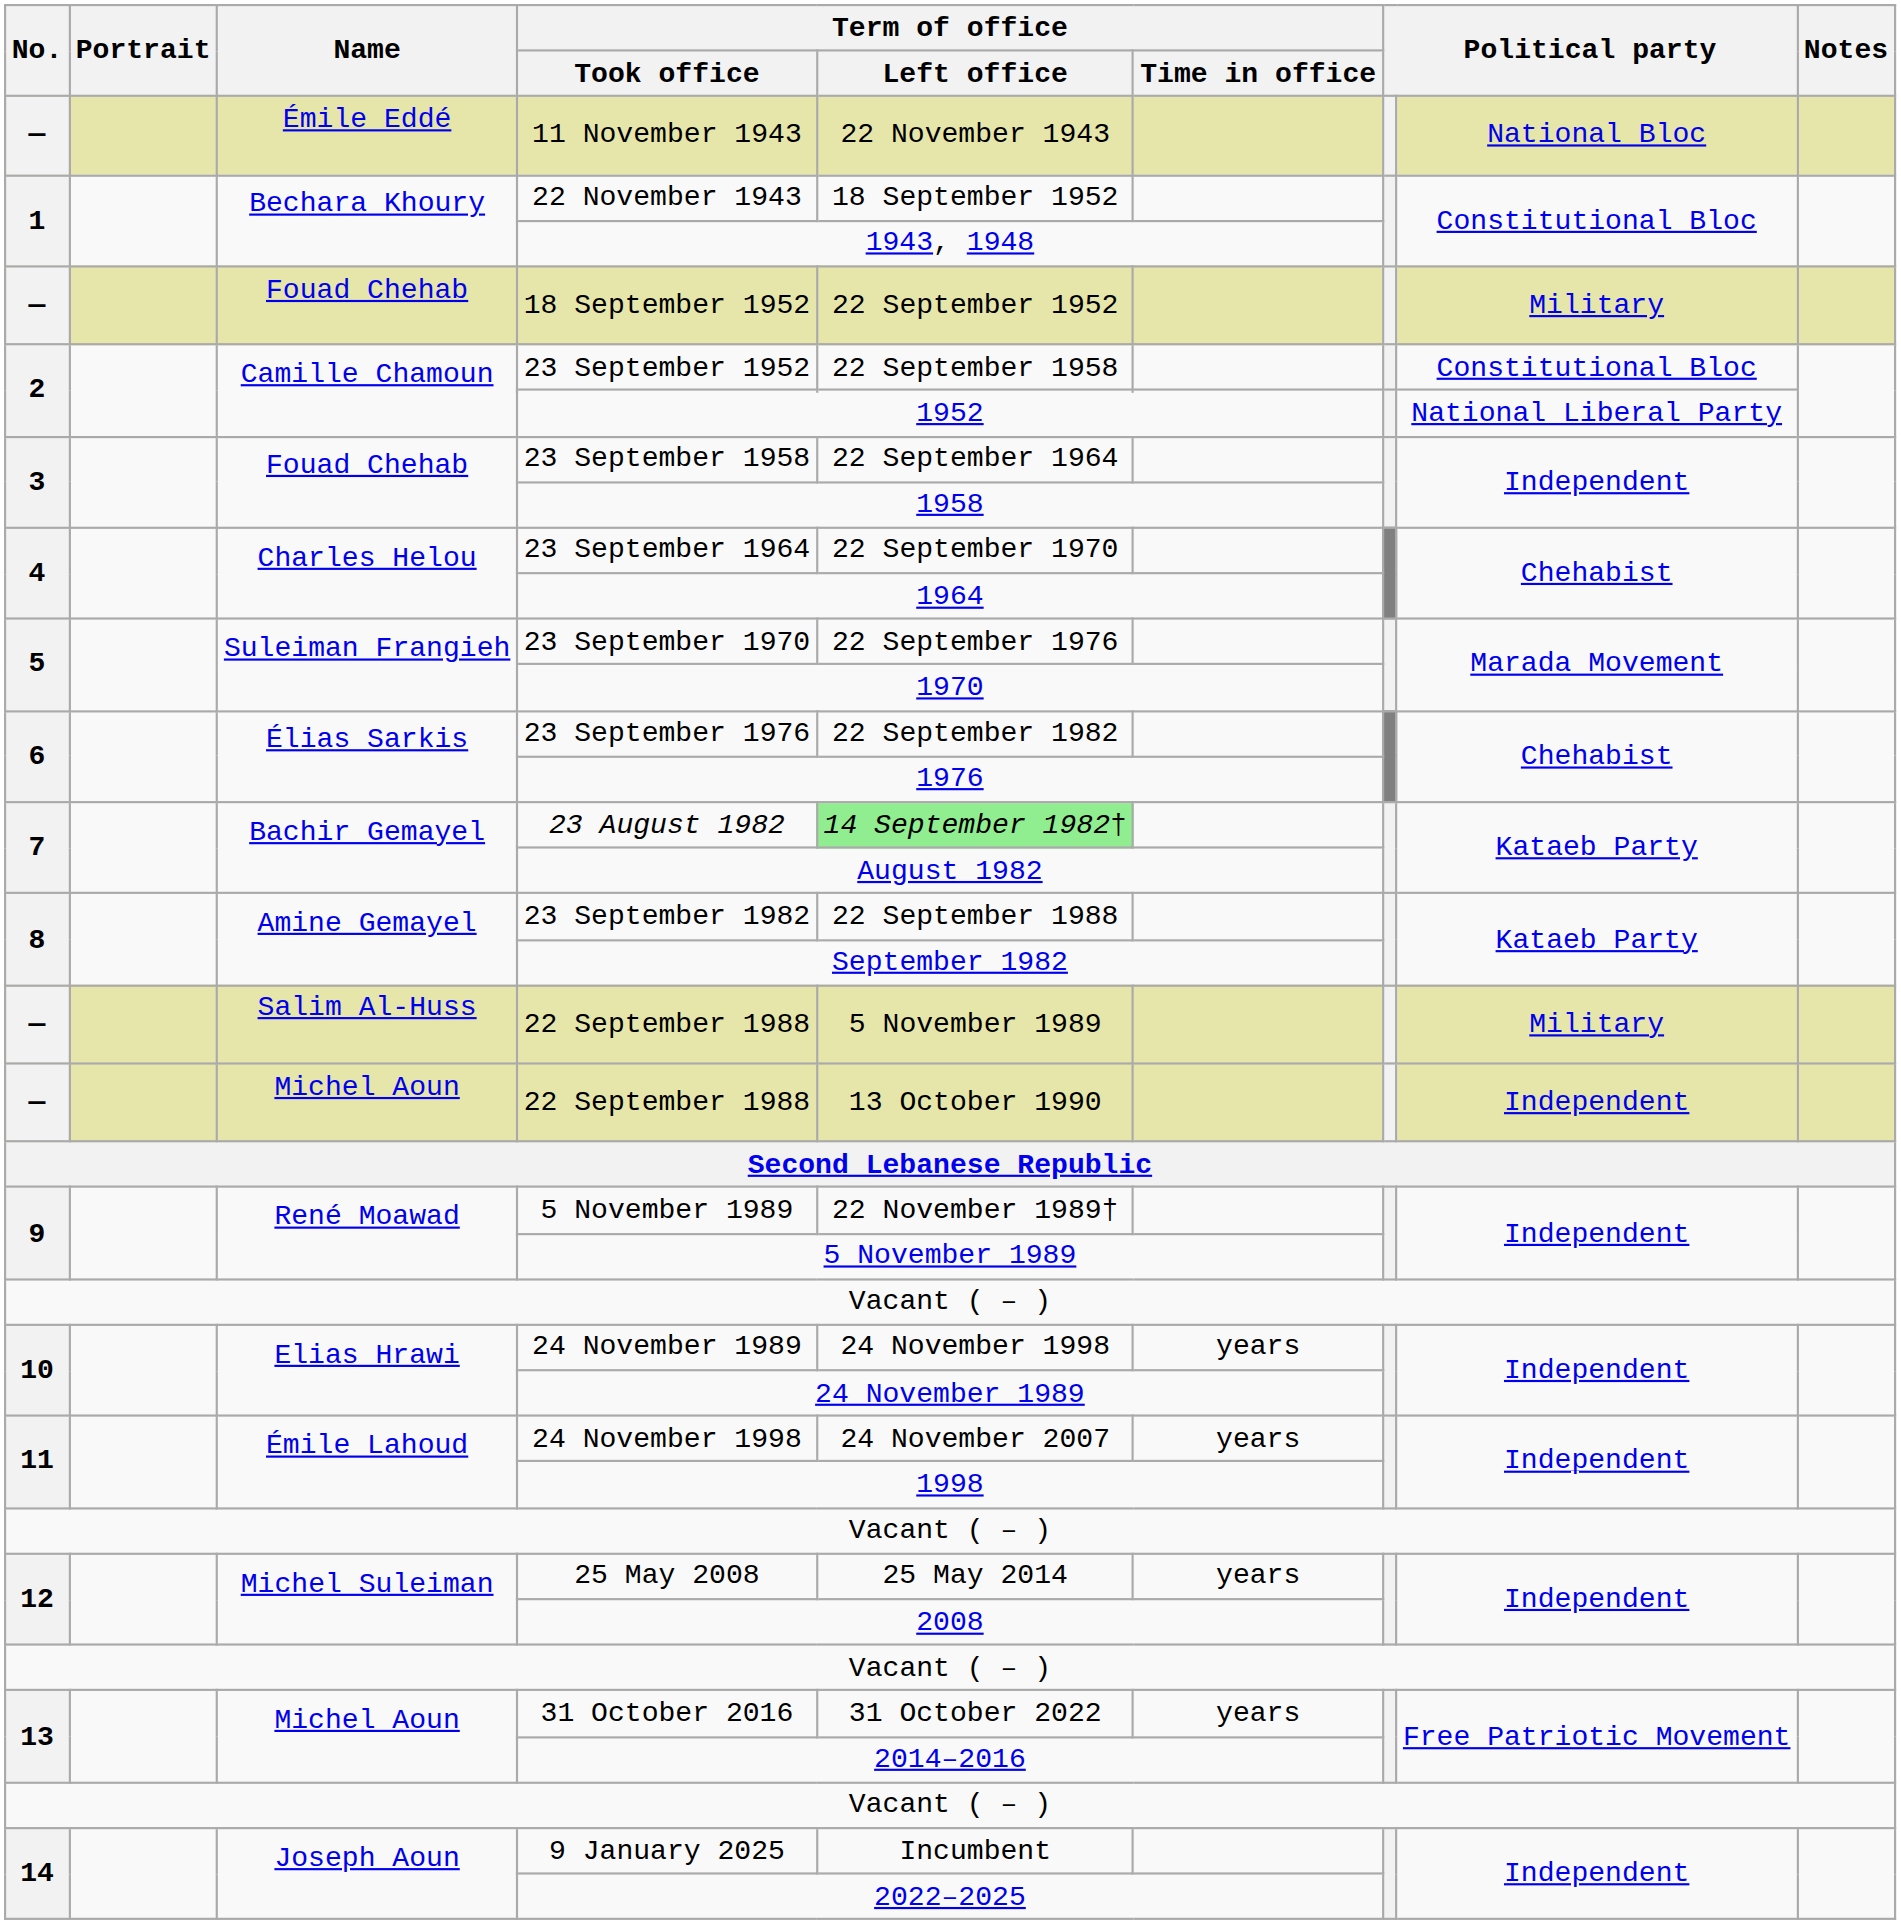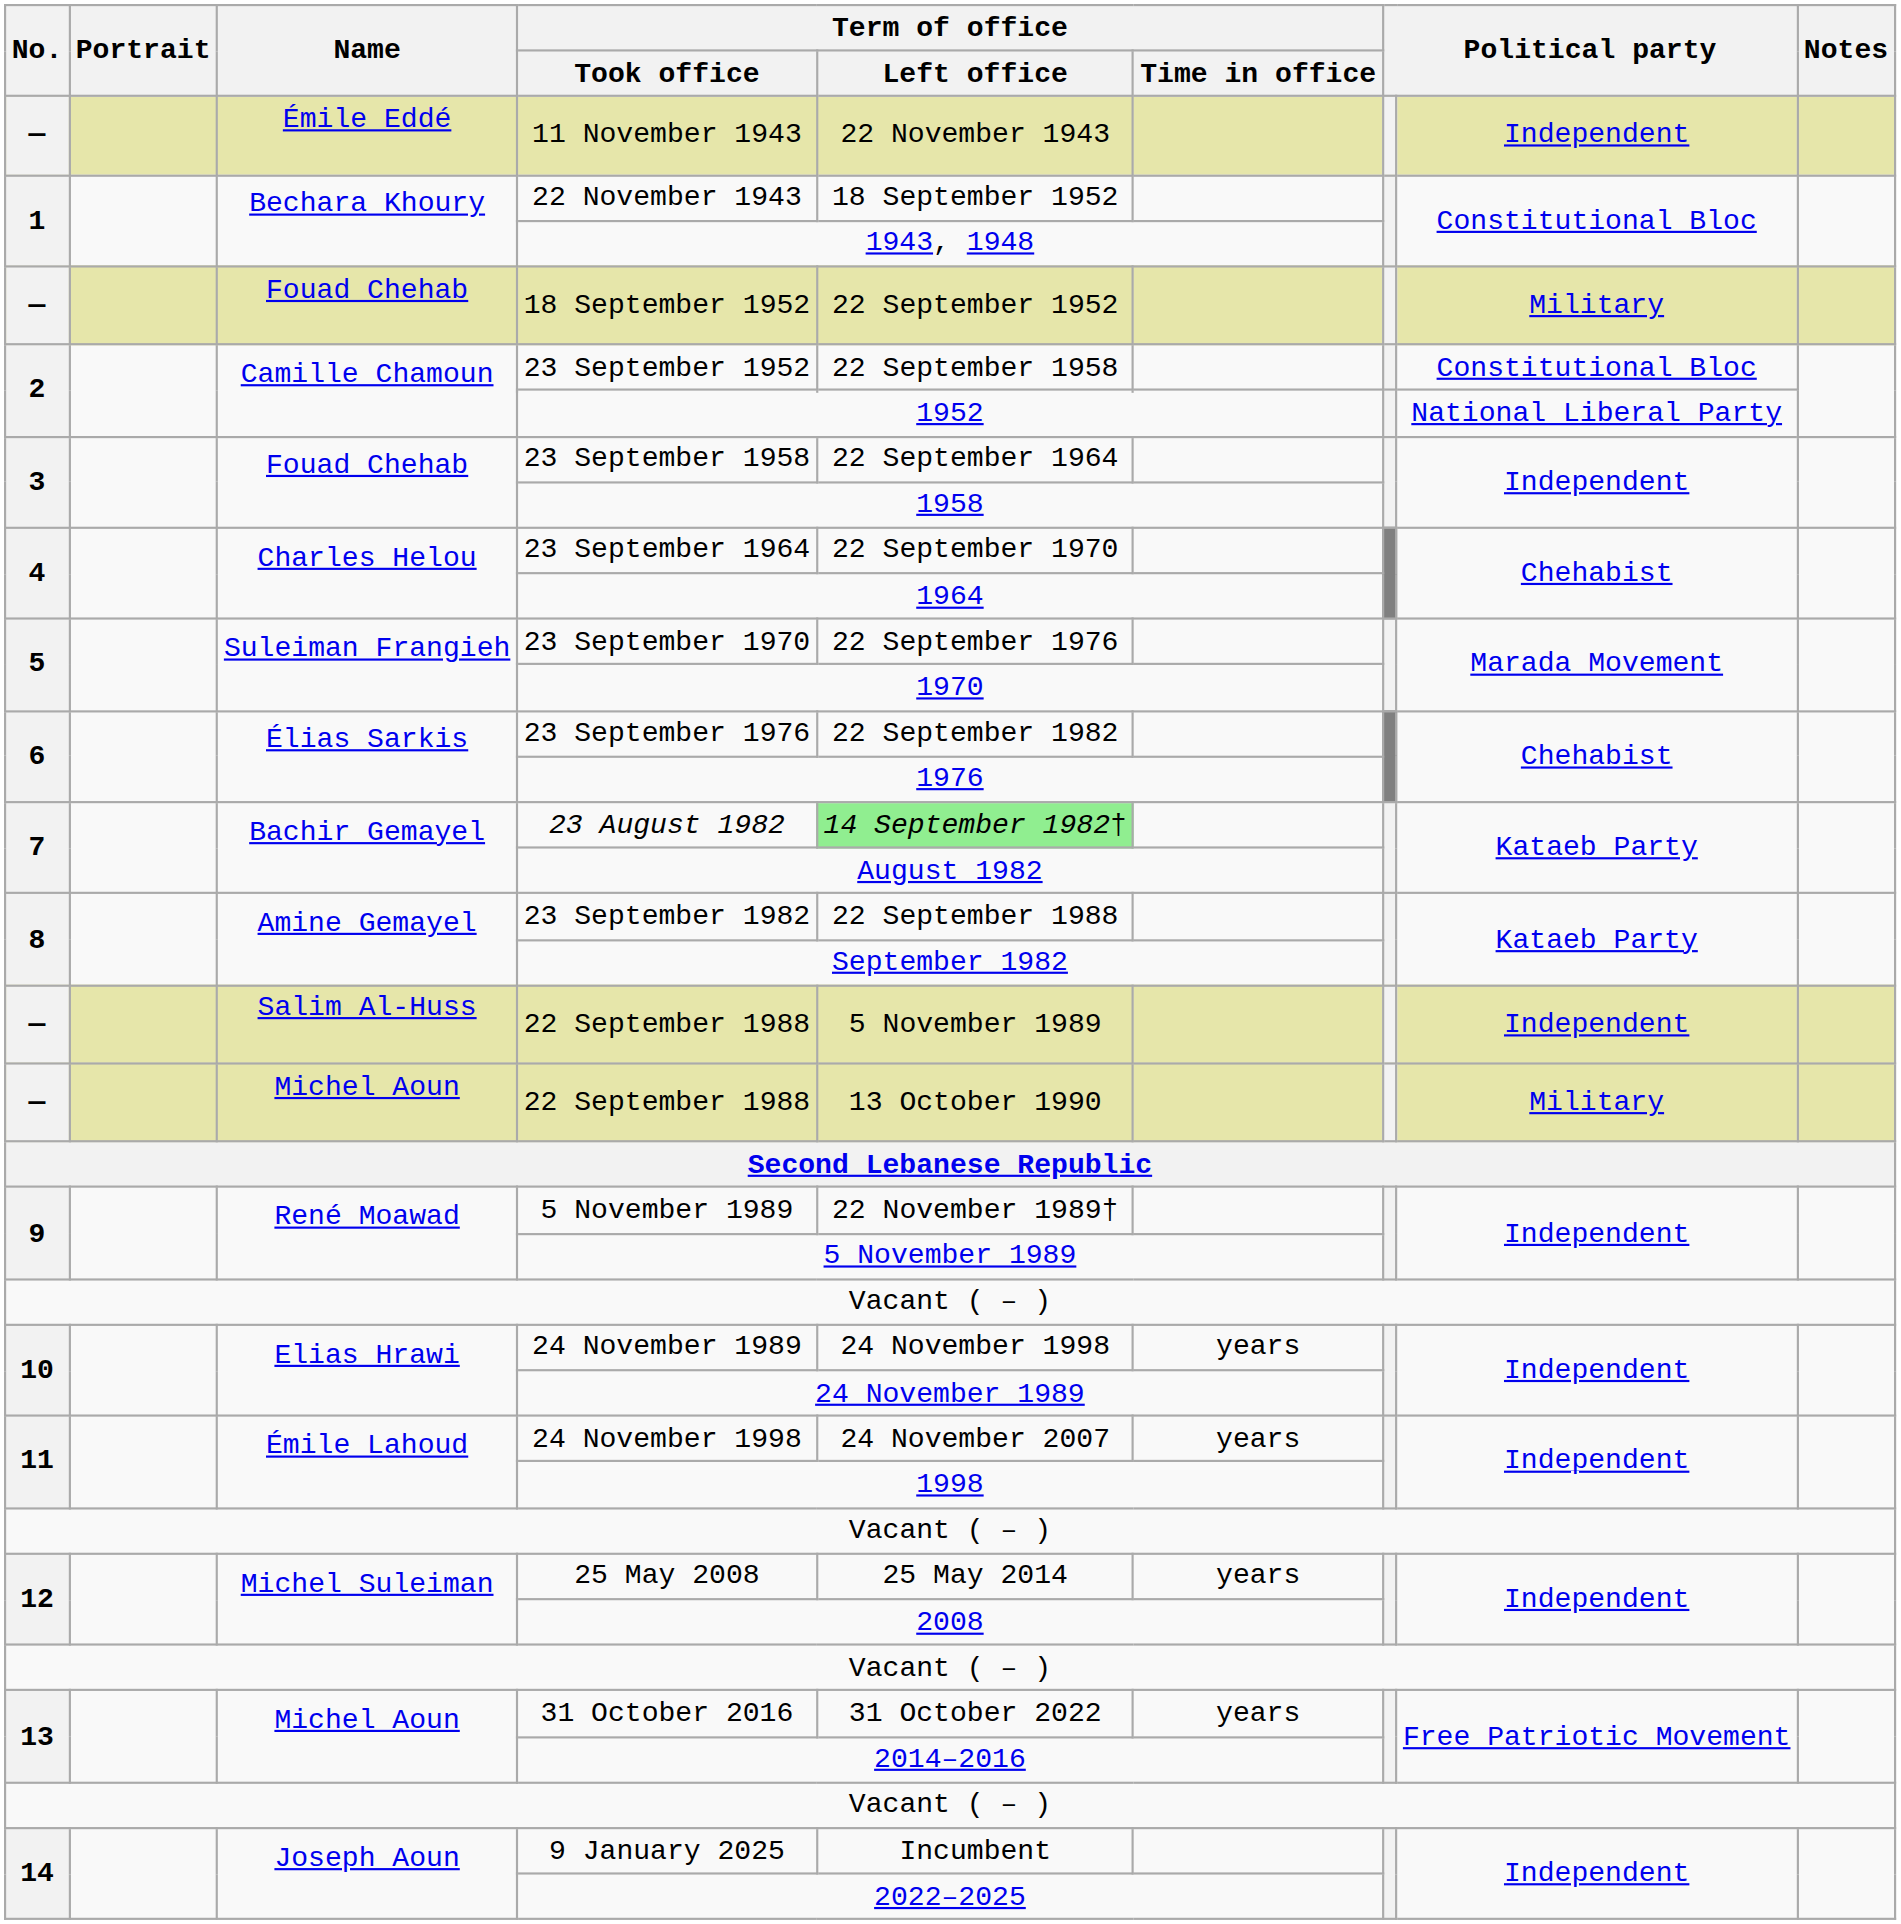 <table class="wikitable" style="text-align:center">
 <tr>
 <th rowspan="2">No.</th>
 <th rowspan="2">Portrait</th>
 <th rowspan="2">Name<br></th>
 <th colspan="3">Term of office</th>
 <th colspan="2" rowspan="2">Political party</th>
 <th rowspan="2">Notes</th>
 </tr>
 <tr>
 <th>Took office</th>
 <th>Left office</th>
 <th>Time in office</th>
 </tr>
 <tr style="background-color:#E6E6AA">
 <th>—</th>
 <td></td>
 <td><a href='#'>Émile Eddé</a><br><br></td>
 <td>11 November 1943</td>
 <td>22 November 1943</td>
 <td></td>
 <th style="background:"></th>
-<td><a href='#'>National Bloc</a></td>
+<td><a href='#'>Independent</a></td>
 <td></td>
 </tr>
 <tr>
 <th rowspan="2">1</th>
 <td rowspan="2"></td>
 <td rowspan="2"><a href='#'>Bechara Khoury</a><br><br></td>
 <td>22 November 1943</td>
 <td>18 September 1952</td>
 <td></td>
 <th rowspan="2" style="background:"></th>
 <td rowspan="2"><a href='#'>Constitutional Bloc</a></td>
 <td rowspan="2"></td>
 </tr>
 <tr>
 <td colspan="3"><a href='#'>1943</a>, <a href='#'>1948</a></td>
 </tr>
 <tr style="background-color:#E6E6AA">
 <th>—</th>
 <td></td>
 <td><a href='#'>Fouad Chehab</a><br><br></td>
 <td>18 September 1952</td>
 <td>22 September 1952</td>
 <td></td>
 <th style="background:"></th>
 <td><a href='#'>Military</a></td>
 <td></td>
 </tr>
 <tr>
 <th rowspan="3">2</th>
 <td rowspan="3"></td>
 <td rowspan="3"><a href='#'>Camille Chamoun</a><br><br></td>
 <td rowspan="2">23 September 1952</td>
 <td rowspan="2">22 September 1958</td>
 <td rowspan="2"></td>
 <th style="background:"></th>
 <td><a href='#'>Constitutional Bloc</a></td>
 <td rowspan="3"></td>
 </tr>
 <tr>
 <th rowspan="2" style="background-color:"></th>
 <td rowspan="2"><a href='#'>National Liberal Party</a></td>
 </tr>
 <tr>
 <td colspan="3"><a href='#'>1952</a></td>
 </tr>
 <tr>
 <th rowspan="2">3</th>
 <td rowspan="2"></td>
 <td rowspan="2"><a href='#'>Fouad Chehab</a><br><br></td>
 <td>23 September 1958</td>
 <td>22 September 1964</td>
 <td></td>
 <th rowspan="2" style="background:"></th>
 <td rowspan="2"><a href='#'>Independent</a></td>
 <td rowspan="2"></td>
 </tr>
 <tr>
 <td colspan="3"><a href='#'>1958</a></td>
 </tr>
 <tr>
 <th rowspan="2">4</th>
 <td rowspan="2"></td>
 <td rowspan="2"><a href='#'>Charles Helou</a><br><br></td>
 <td>23 September 1964</td>
 <td>22 September 1970</td>
 <td></td>
 <th rowspan="2" style="background:Grey;"></th>
 <td rowspan="2"><a href='#'>Chehabist</a></td>
 <td rowspan="2"></td>
 </tr>
 <tr>
 <td colspan="3"><a href='#'>1964</a></td>
 </tr>
 <tr>
 <th rowspan="2">5</th>
 <td rowspan="2"></td>
 <td rowspan="2"><a href='#'>Suleiman Frangieh</a><br><br></td>
 <td>23 September 1970</td>
 <td>22 September 1976</td>
 <td></td>
 <th rowspan="2" style="background:"></th>
 <td rowspan="2"><a href='#'>Marada Movement</a></td>
 <td rowspan="2"></td>
 </tr>
 <tr>
 <td colspan="3"><a href='#'>1970</a></td>
 </tr>
 <tr>
 <th rowspan="2">6</th>
 <td rowspan="2"></td>
 <td rowspan="2"><a href='#'>Élias Sarkis</a><br><br></td>
 <td>23 September 1976</td>
 <td>22 September 1982</td>
 <td></td>
 <th rowspan="2" style="background:Grey;"></th>
 <td rowspan="2"><a href='#'>Chehabist</a></td>
 <td rowspan="2"></td>
 </tr>
 <tr>
 <td colspan="3"><a href='#'>1976</a></td>
 </tr>
 <tr>
 <th rowspan="2">7</th>
 <td rowspan="2"></td>
 <td rowspan="2"><a href='#'>Bachir Gemayel</a><br><br></td>
 <td><em>23 August 1982</em></td>
 <td style="background: lightgreen;"><em>14 September 1982</em>†</td>
 <td><em></em></td>
 <th rowspan="2" style="background:"></th>
 <td rowspan="2"><a href='#'>Kataeb Party</a></td>
 <td rowspan="2"></td>
 </tr>
 <tr>
 <td colspan="3"><a href='#'>August 1982</a></td>
 </tr>
 <tr>
 <th rowspan="2">8</th>
 <td rowspan="2"></td>
 <td rowspan="2"><a href='#'>Amine Gemayel</a><br><br></td>
 <td>23 September 1982</td>
 <td>22 September 1988</td>
 <td></td>
 <th rowspan="2" style="background:"></th>
 <td rowspan="2"><a href='#'>Kataeb Party</a></td>
 <td rowspan="2"></td>
 </tr>
 <tr>
 <td colspan="3"><a href='#'>September 1982</a></td>
 </tr>
 <tr style="background-color:#E6E6AA">
 <th>—</th>
 <td></td>
 <td><a href='#'>Salim Al-Huss</a><br><br></td>
 <td>22 September 1988</td>
 <td>5 November 1989</td>
 <td></td>
 <th style="background:"></th>
-<td><a href='#'>Military</a></td>
+<td><a href='#'>Independent</a></td>
 <td></td>
 </tr>
 <tr style="background-color:#E6E6AA">
 <th>—</th>
 <td></td>
 <td><a href='#'>Michel Aoun</a><br><br></td>
 <td>22 September 1988</td>
 <td>13 October 1990</td>
 <td></td>
 <th style="background:"></th>
-<td><a href='#'>Independent</a></td>
+<td><a href='#'>Military</a></td>
 <td></td>
 </tr>
 <tr>
 <th colspan="9"> <a href='#'>Second Lebanese Republic</a></th>
 </tr>
 <tr>
 <th rowspan="2">9</th>
 <td rowspan="2"></td>
 <td rowspan="2"><a href='#'>René Moawad</a><br><br></td>
 <td>5 November 1989</td>
 <td>22 November 1989†</td>
 <td></td>
 <th rowspan="2" style="background:"></th>
 <td rowspan="2"><a href='#'>Independent</a></td>
 <td rowspan="2"></td>
 </tr>
 <tr>
 <td colspan="3"><a href='#'>5 November 1989</a></td>
 </tr>
 <tr>
 <td colspan="9">Vacant ( – )</td>
 </tr>
 <tr>
 <th rowspan="2">10</th>
 <td rowspan="2"></td>
 <td rowspan="2"><a href='#'>Elias Hrawi</a><br><br></td>
 <td>24 November 1989</td>
 <td>24 November 1998</td>
 <td> years</td>
 <th rowspan="2" style="background:"></th>
 <td rowspan="2"><a href='#'>Independent</a></td>
 <td rowspan="2"></td>
 </tr>
 <tr>
 <td colspan="3"><a href='#'>24 November 1989</a></td>
 </tr>
 <tr>
 <th rowspan="2">11</th>
 <td rowspan="2"></td>
 <td rowspan="2"><a href='#'>Émile Lahoud</a><br><br></td>
 <td>24 November 1998</td>
 <td>24 November 2007</td>
 <td> years</td>
 <th rowspan="2" style="background:"></th>
 <td rowspan="2"><a href='#'>Independent</a></td>
 <td rowspan="2"></td>
 </tr>
 <tr>
 <td colspan="3"><a href='#'>1998</a></td>
 </tr>
 <tr>
 <td colspan="9">Vacant ( – )</td>
 </tr>
 <tr>
 <th rowspan="2">12</th>
 <td rowspan="2"></td>
 <td rowspan="2"><a href='#'>Michel Suleiman</a><br><br></td>
 <td>25 May 2008</td>
 <td>25 May 2014</td>
 <td> years</td>
 <th rowspan="2" style="background:"></th>
 <td rowspan="2"><a href='#'>Independent</a></td>
 <td rowspan="2"></td>
 </tr>
 <tr>
 <td colspan="3"><a href='#'>2008</a></td>
 </tr>
 <tr>
 <td colspan="9">Vacant ( – )</td>
 </tr>
 <tr>
 <th rowspan="2">13</th>
 <td rowspan="2"></td>
 <td rowspan="2"><a href='#'>Michel Aoun</a><br><br></td>
 <td>31 October 2016</td>
 <td>31 October 2022</td>
 <td> years</td>
 <th rowspan="2" style="background:"></th>
 <td rowspan="2"><a href='#'>Free Patriotic Movement</a></td>
 <td rowspan="2"></td>
 </tr>
 <tr>
 <td colspan="3"><a href='#'>2014–2016</a></td>
 </tr>
 <tr>
 <td colspan="9">Vacant ( – )</td>
 </tr>
 <tr>
 <th rowspan="2">14</th>
 <td rowspan="2"></td>
 <td rowspan="2"><a href='#'>Joseph Aoun</a><br><br></td>
 <td>9 January 2025</td>
 <td>Incumbent</td>
 <td></td>
 <th rowspan="2" style="background:"></th>
 <td rowspan="2"><a href='#'>Independent</a></td>
 <td rowspan="2"></td>
 </tr>
 <tr>
 <td colspan="3"><a href='#'>2022–2025</a></td>
 </tr>
 </table>
